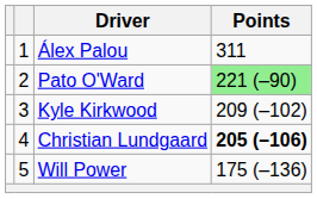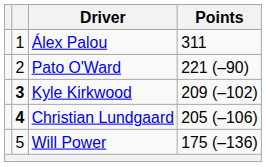 <table class="wikitable" style="font-size: 95%;">
 <tr>
 <th scope="col"></th>
 <th scope="col"></th>
 <th scope="col">Driver</th>
 <th scope="col">Points</th>
 </tr>
 <tr>
 <td align="left"></td>
 <td align="center">1</td>
 <td> <a href='#'>Álex Palou</a></td>
 <td align="left">311</td>
 </tr>
 <tr>
 <td align="left"></td>
 <td align="center">2</td>
 <td> <a href='#'>Pato O'Ward</a></td>
-<td align="left" style="background: lightgreen;">221 (–90)</td>
+<td align="left">221 (–90)</td>
 </tr>
 <tr>
 <td align="left"></td>
-<td align="center">3</td>
+<td align="center"><strong>3</strong></td>
 <td> <a href='#'>Kyle Kirkwood</a></td>
 <td align="left">209 (–102)</td>
 </tr>
 <tr>
 <td align="left"></td>
-<td align="center">4</td>
+<td align="center"><strong>4</strong></td>
 <td> <a href='#'>Christian Lundgaard</a></td>
-<td align="left"><strong>205 (–106)</strong></td>
+<td align="left">205 (–106)</td>
 </tr>
 <tr>
 <td align="left"></td>
 <td align="center">5</td>
 <td> <a href='#'>Will Power</a></td>
 <td align="left">175 (–136)</td>
 </tr>
 <tr>
 <th colspan=4></th>
 </tr>
 </table>
